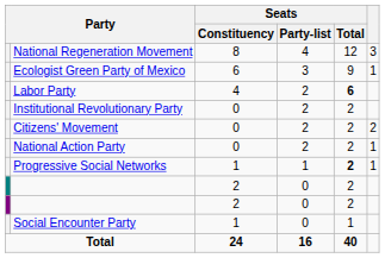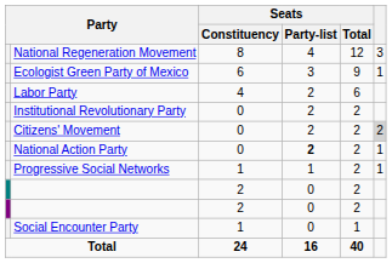 <table class="wikitable" style="text-align:center;">
 <tr>
 <th colspan="2" rowspan="2">Party</th>
 <th colspan="3">Seats</th>
 <th rowspan="2"></th>
 </tr>
 <tr>
 <th style="width:3em"><strong>Constituency</strong></th>
 <th>Party-list</th>
 <th>Total</th>
 </tr>
 <tr>
 <th style="background-color:"></th>
 <td style="text-align:left;"><a href='#'>National Regeneration Movement</a></td>
 <td>8</td>
 <td>4</td>
 <td>12</td>
 <td> 3</td>
 </tr>
 <tr>
 <th style="background-color:"></th>
 <td style="text-align:left;"><a href='#'>Ecologist Green Party of Mexico</a></td>
 <td>6</td>
 <td>3</td>
 <td>9</td>
 <td> 1</td>
 </tr>
 <tr>
 <th style="background-color:"></th>
 <td style="text-align:left;"><a href='#'>Labor Party</a></td>
 <td>4</td>
 <td>2</td>
-<td><strong>6</strong></td>
+<td>6</td>
 <td></td>
 </tr>
 <tr>
 <th style="background-color:"></th>
 <td style="text-align:left;"><a href='#'>Institutional Revolutionary Party</a></td>
 <td>0</td>
 <td>2</td>
 <td>2</td>
 <td></td>
 </tr>
 <tr>
 <th style="background-color:"></th>
 <td style="text-align:left;"><a href='#'>Citizens' Movement</a></td>
 <td>0</td>
 <td>2</td>
 <td>2</td>
-<td> 2</td>
+<td style="background: lightgrey;"> 2</td>
 </tr>
 <tr>
 <th style="background-color:"></th>
 <td style="text-align:left;"><a href='#'>National Action Party</a></td>
 <td>0</td>
-<td>2</td>
+<td><strong>2</strong></td>
 <td>2</td>
 <td> 1</td>
 </tr>
 <tr>
 <th style="background-color:"></th>
 <td style="text-align:left;"><a href='#'>Progressive Social Networks</a></td>
 <td>1</td>
 <td>1</td>
-<td><strong>2</strong></td>
+<td>2</td>
 <td> 1</td>
 </tr>
 <tr>
 <th style="background-color:#008080;"></th>
 <td style="text-align:left;"><em></em></td>
 <td>2</td>
 <td>0</td>
 <td>2</td>
 <td></td>
 </tr>
 <tr>
 <th style="background-color:#800080;"></th>
 <td style="text-align:left;"><em></em></td>
 <td>2</td>
 <td>0</td>
 <td>2</td>
 <td></td>
 </tr>
 <tr>
 <th style="background-color:"></th>
 <td style="text-align:left;"><a href='#'>Social Encounter Party</a></td>
 <td>1</td>
 <td>0</td>
 <td>1</td>
 <td></td>
 </tr>
 <tr>
 <td colspan="2"><strong>Total</strong></td>
 <td><strong>24</strong></td>
 <td><strong>16</strong></td>
 <td><strong>40</strong></td>
 <td></td>
 </tr>
 </table>
